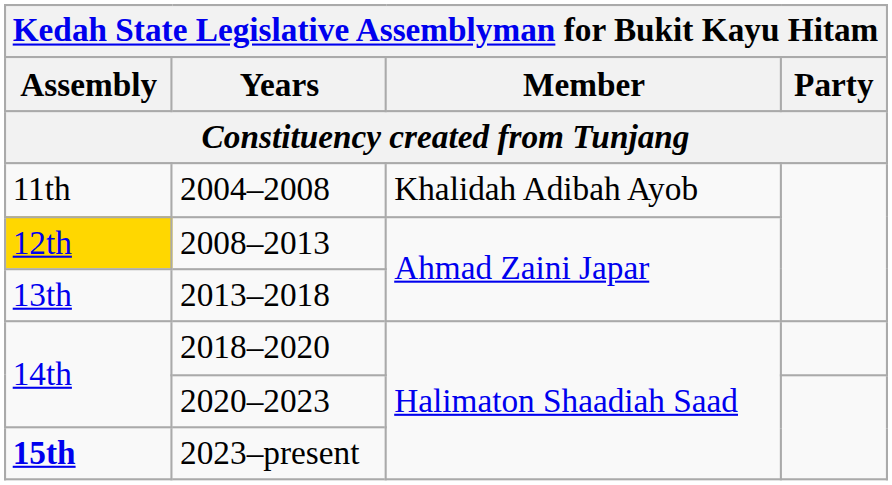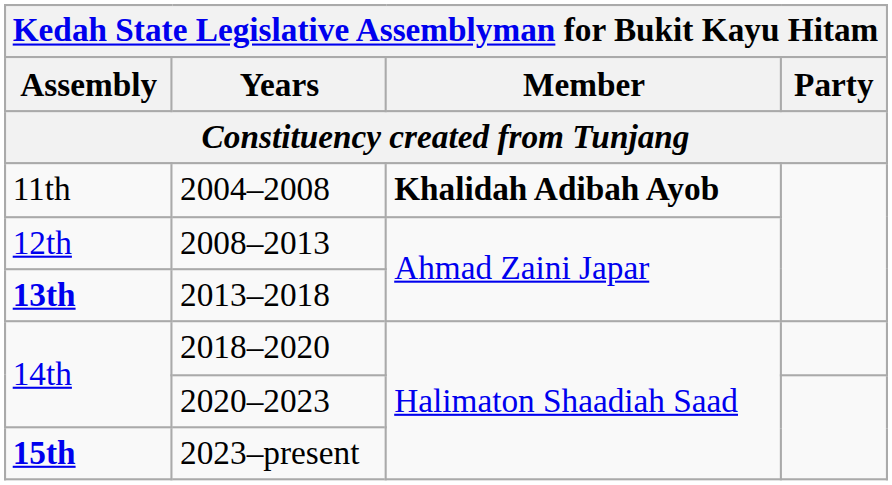 <table class="wikitable">
 <tr>
 <th colspan="4"><a href='#'>Kedah State Legislative Assemblyman</a> for Bukit Kayu Hitam</th>
 </tr>
 <tr>
 <th>Assembly</th>
 <th>Years</th>
 <th>Member</th>
 <th>Party</th>
 </tr>
 <tr>
 <th colspan="4" align="center"><em>Constituency created from Tunjang</em></th>
 </tr>
 <tr>
 <td>11th</td>
 <td>2004–2008</td>
-<td>Khalidah Adibah Ayob</td>
+<td><strong>Khalidah Adibah Ayob</strong></td>
 <td rowspan="3"></td>
 </tr>
 <tr>
-<td style="background: gold;"><a href='#'>12th</a></td>
+<td><a href='#'>12th</a></td>
 <td>2008–2013</td>
 <td rowspan="2"><a href='#'>Ahmad Zaini Japar</a></td>
 </tr>
 <tr>
-<td><a href='#'>13th</a></td>
+<td><strong><a href='#'>13th</a></strong></td>
 <td>2013–2018</td>
 </tr>
 <tr>
 <td rowspan="2"><a href='#'>14th</a></td>
 <td>2018–2020</td>
 <td rowspan="3"><a href='#'>Halimaton Shaadiah Saad</a></td>
 <td></td>
 </tr>
 <tr>
 <td>2020–2023</td>
 <td rowspan="2"></td>
 </tr>
 <tr>
 <td><strong><a href='#'>15th</a></strong></td>
 <td>2023–present</td>
 </tr>
 </table>
